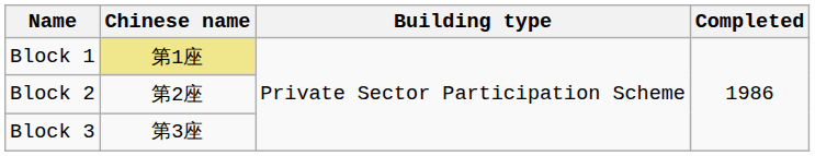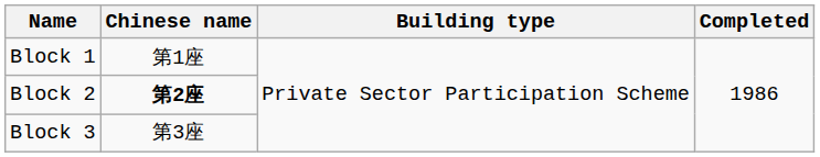 <table class="wikitable" style="text-align: center">
 <tr>
 <th>Name</th>
 <th>Chinese name</th>
 <th>Building type</th>
 <th>Completed</th>
 </tr>
 <tr>
 <td>Block 1</td>
-<td style="background: khaki;">第1座</td>
+<td>第1座</td>
 <td rowspan="3">Private Sector Participation Scheme</td>
 <td rowspan="3">1986</td>
 </tr>
 <tr>
 <td>Block 2</td>
-<td>第2座</td>
+<td><strong>第2座</strong></td>
 </tr>
 <tr>
 <td>Block 3</td>
 <td>第3座</td>
 </tr>
 </table>
